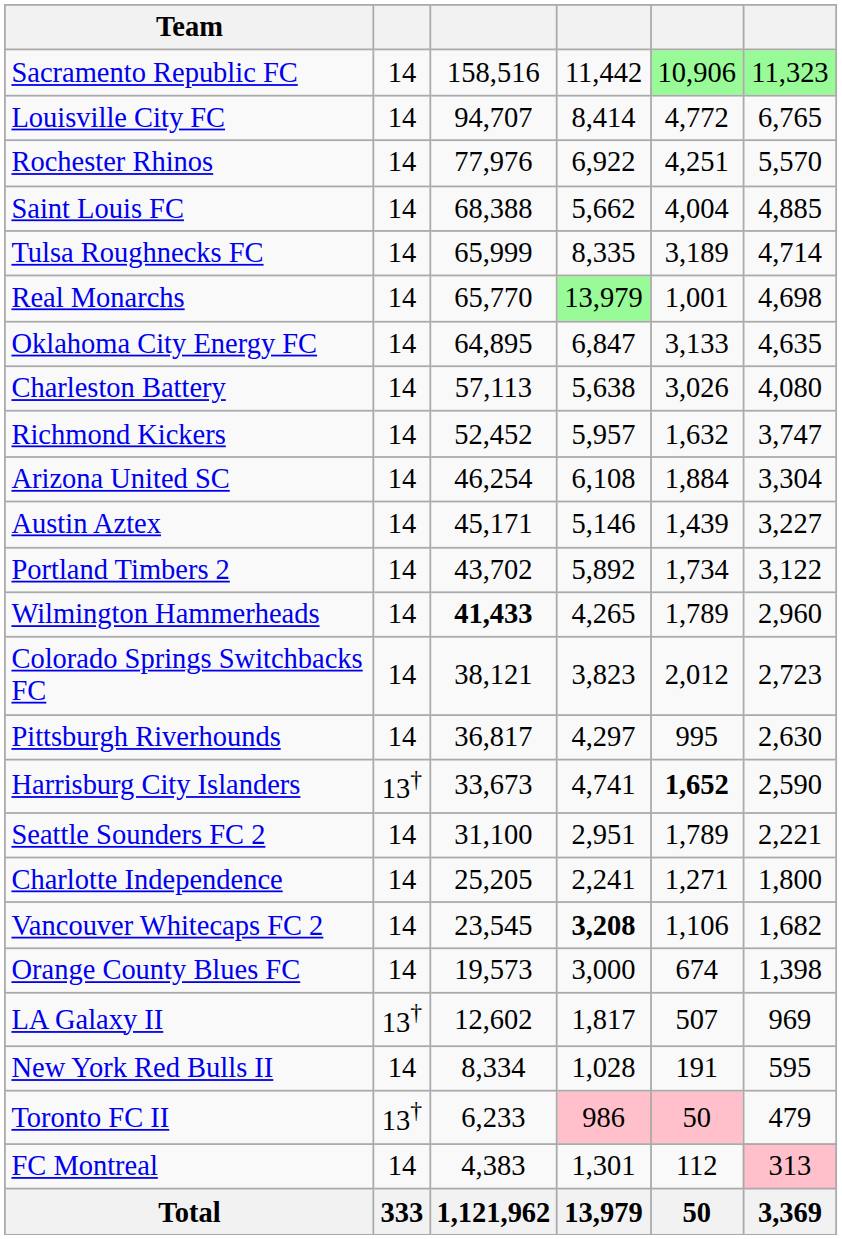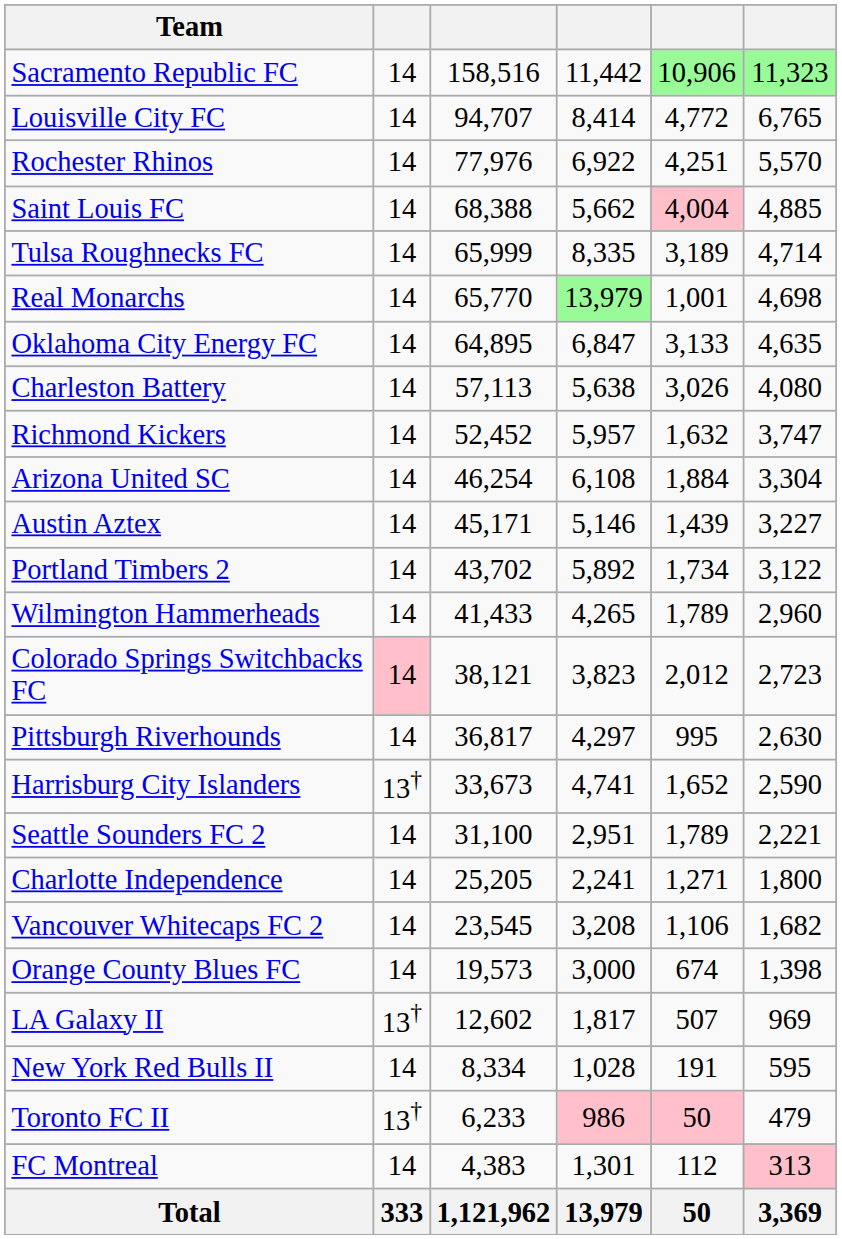 <table class="wikitable sortable">
 <tr>
 <th width=200>Team</th>
 <th></th>
 <th width=45></th>
 <th width=45></th>
 <th width=45></th>
 <th width=45></th>
 </tr>
 <tr>
 <td><a href='#'>Sacramento Republic FC</a></td>
 <td align=center>14</td>
 <td align=center>158,516</td>
 <td align=center>11,442</td>
 <td align=center bgcolor="#98FB98">10,906</td>
 <td align=center bgcolor="#98FB98">11,323</td>
 </tr>
 <tr>
 <td><a href='#'>Louisville City FC</a></td>
 <td align=center>14</td>
 <td align=center>94,707</td>
 <td align=center>8,414</td>
 <td align=center>4,772</td>
 <td align=center>6,765</td>
 </tr>
 <tr>
 <td><a href='#'>Rochester Rhinos</a></td>
 <td align=center>14</td>
 <td align=center>77,976</td>
 <td align=center>6,922</td>
 <td align=center>4,251</td>
 <td align=center>5,570</td>
 </tr>
 <tr>
 <td><a href='#'>Saint Louis FC</a></td>
 <td align=center>14</td>
 <td align=center>68,388</td>
 <td align=center>5,662</td>
-<td align=center>4,004</td>
+<td align=center style="background: pink;">4,004</td>
 <td align=center>4,885</td>
 </tr>
 <tr>
 <td><a href='#'>Tulsa Roughnecks FC</a></td>
 <td align=center>14</td>
 <td align=center>65,999</td>
 <td align=center>8,335</td>
 <td align=center>3,189</td>
 <td align=center>4,714</td>
 </tr>
 <tr>
 <td><a href='#'>Real Monarchs</a></td>
 <td align=center>14</td>
 <td align=center>65,770</td>
 <td align=center bgcolor="#98FB98">13,979</td>
 <td align=center>1,001</td>
 <td align=center>4,698</td>
 </tr>
 <tr>
 <td><a href='#'>Oklahoma City Energy FC</a></td>
 <td align=center>14</td>
 <td align=center>64,895</td>
 <td align=center>6,847</td>
 <td align=center>3,133</td>
 <td align=center>4,635</td>
 </tr>
 <tr>
 <td><a href='#'>Charleston Battery</a></td>
 <td align=center>14</td>
 <td align=center>57,113</td>
 <td align=center>5,638</td>
 <td align=center>3,026</td>
 <td align=center>4,080</td>
 </tr>
 <tr>
 <td><a href='#'>Richmond Kickers</a></td>
 <td align=center>14</td>
 <td align=center>52,452</td>
 <td align=center>5,957</td>
 <td align=center>1,632</td>
 <td align=center>3,747</td>
 </tr>
 <tr>
 <td><a href='#'>Arizona United SC</a></td>
 <td align=center>14</td>
 <td align=center>46,254</td>
 <td align=center>6,108</td>
 <td align=center>1,884</td>
 <td align=center>3,304</td>
 </tr>
 <tr>
 <td><a href='#'>Austin Aztex</a></td>
 <td align=center>14</td>
 <td align=center>45,171</td>
 <td align=center>5,146</td>
 <td align=center>1,439</td>
 <td align=center>3,227</td>
 </tr>
 <tr>
 <td><a href='#'>Portland Timbers 2</a></td>
 <td align=center>14</td>
 <td align=center>43,702</td>
 <td align=center>5,892</td>
 <td align=center>1,734</td>
 <td align=center>3,122</td>
 </tr>
 <tr>
 <td><a href='#'>Wilmington Hammerheads</a></td>
 <td align=center>14</td>
-<td align=center><strong>41,433</strong></td>
+<td align=center>41,433</td>
 <td align=center>4,265</td>
 <td align=center>1,789</td>
 <td align=center>2,960</td>
 </tr>
 <tr>
 <td><a href='#'>Colorado Springs Switchbacks FC</a></td>
-<td align=center>14</td>
+<td align=center style="background: pink;">14</td>
 <td align=center>38,121</td>
 <td align=center>3,823</td>
 <td align=center>2,012</td>
 <td align=center>2,723</td>
 </tr>
 <tr>
 <td><a href='#'>Pittsburgh Riverhounds</a></td>
 <td align=center>14</td>
 <td align=center>36,817</td>
 <td align=center>4,297</td>
 <td align=center>995</td>
 <td align=center>2,630</td>
 </tr>
 <tr>
 <td><a href='#'>Harrisburg City Islanders</a></td>
 <td align=center>13<sup>†</sup></td>
 <td align=center>33,673</td>
 <td align=center>4,741</td>
-<td align=center><strong>1,652</strong></td>
+<td align=center>1,652</td>
 <td align=center>2,590</td>
 </tr>
 <tr>
 <td><a href='#'>Seattle Sounders FC 2</a></td>
 <td align=center>14</td>
 <td align=center>31,100</td>
 <td align=center>2,951</td>
 <td align=center>1,789</td>
 <td align=center>2,221</td>
 </tr>
 <tr>
 <td><a href='#'>Charlotte Independence</a></td>
 <td align=center>14</td>
 <td align=center>25,205</td>
 <td align=center>2,241</td>
 <td align=center>1,271</td>
 <td align=center>1,800</td>
 </tr>
 <tr>
 <td><a href='#'>Vancouver Whitecaps FC 2</a></td>
 <td align=center>14</td>
 <td align=center>23,545</td>
-<td align=center><strong>3,208</strong></td>
+<td align=center>3,208</td>
 <td align=center>1,106</td>
 <td align=center>1,682</td>
 </tr>
 <tr>
 <td><a href='#'>Orange County Blues FC</a></td>
 <td align=center>14</td>
 <td align=center>19,573</td>
 <td align=center>3,000</td>
 <td align=center>674</td>
 <td align=center>1,398</td>
 </tr>
 <tr>
 <td><a href='#'>LA Galaxy II</a></td>
 <td align=center>13<sup>†</sup></td>
 <td align=center>12,602</td>
 <td align=center>1,817</td>
 <td align=center>507</td>
 <td align=center>969</td>
 </tr>
 <tr>
 <td><a href='#'>New York Red Bulls II</a></td>
 <td align=center>14</td>
 <td align=center>8,334</td>
 <td align=center>1,028</td>
 <td align=center>191</td>
 <td align=center>595</td>
 </tr>
 <tr>
 <td><a href='#'>Toronto FC II</a></td>
 <td align=center>13<sup>†</sup></td>
 <td align=center>6,233</td>
 <td align=center bgcolor="#FFC0CB">986</td>
 <td align=center bgcolor="#FFC0CB">50</td>
 <td align=center>479</td>
 </tr>
 <tr>
 <td><a href='#'>FC Montreal</a></td>
 <td align=center>14</td>
 <td align=center>4,383</td>
 <td align=center>1,301</td>
 <td align=center>112</td>
 <td align=center bgcolor="#FFC0CB">313</td>
 </tr>
 <tr>
 <th>Total</th>
 <th align=center>333</th>
 <th align=center>1,121,962</th>
 <th align=center>13,979</th>
 <th align=center>50</th>
 <th align=center>3,369</th>
 </tr>
 </table>
